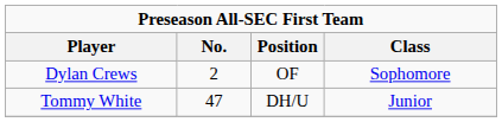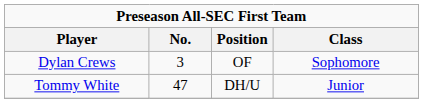 <table class="wikitable" style="text-align:center">
 <tr>
 <td colspan="5"><strong>Preseason All-SEC First Team</strong></td>
 </tr>
 <tr>
 <th style="width:150px; ">Player</th>
 <th style="width:60px; ">No.</th>
 <th style="width:60px; ">Position</th>
 <th style="width:150px; ">Class</th>
 </tr>
 <tr>
 <td><a href='#'>Dylan Crews</a></td>
-<td>2</td>
+<td>3</td>
 <td>OF</td>
 <td><a href='#'>Sophomore</a></td>
 </tr>
 <tr>
 <td><a href='#'>Tommy White</a></td>
 <td>47</td>
 <td>DH/U</td>
 <td><a href='#'>Junior</a></td>
 </tr>
 <tr>
 </tr>
 </table>
